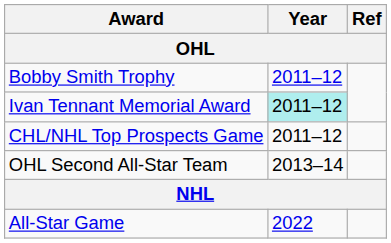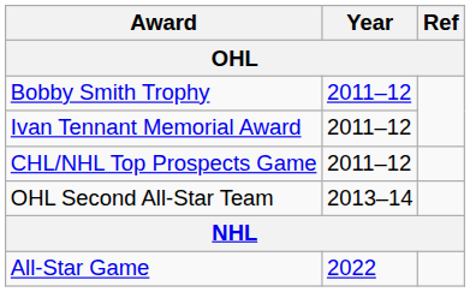 <table class="wikitable">
 <tr>
 <th>Award</th>
 <th>Year</th>
 <th>Ref</th>
 </tr>
 <tr>
 <th colspan="3">OHL</th>
 </tr>
 <tr>
 <td><a href='#'>Bobby Smith Trophy</a></td>
 <td><a href='#'>2011–12</a></td>
 <td rowspan="2"></td>
 </tr>
 <tr>
 <td><a href='#'>Ivan Tennant Memorial Award</a></td>
-<td style="background: paleturquoise;">2011–12</td>
+<td>2011–12</td>
 </tr>
 <tr>
 <td><a href='#'>CHL/NHL Top Prospects Game</a></td>
 <td>2011–12</td>
 <td></td>
 </tr>
 <tr>
 <td>OHL Second All-Star Team</td>
 <td>2013–14</td>
 <td></td>
 </tr>
 <tr>
 <th colspan="3"><a href='#'>NHL</a></th>
 </tr>
 <tr>
 <td><a href='#'>All-Star Game</a></td>
 <td><a href='#'>2022</a></td>
 <td></td>
 </tr>
 </table>
